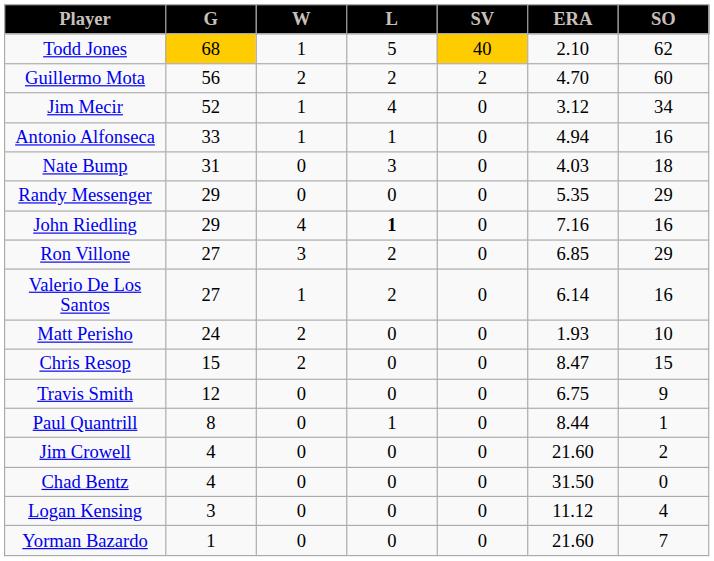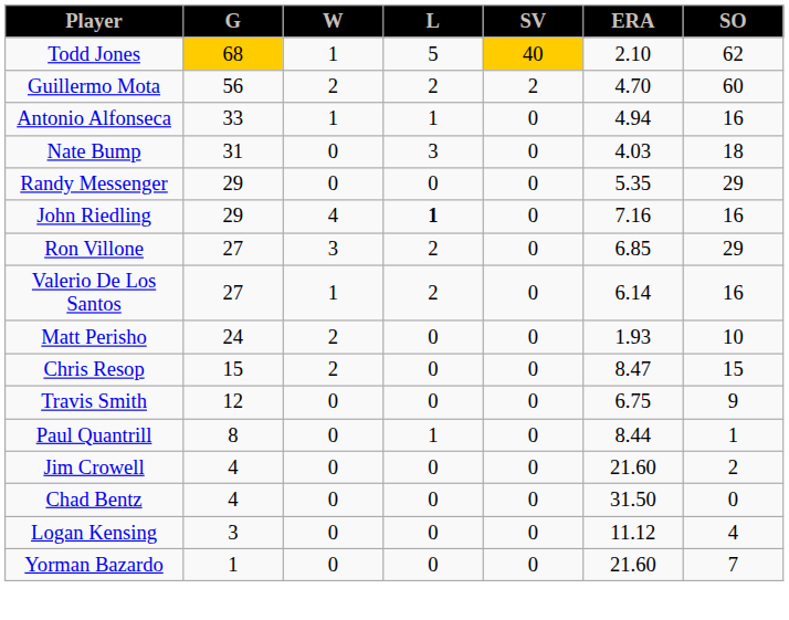 <table class="wikitable sortable">
 <tr>
 <th style=" background:#000000; color:#C9C0BB;" width="16%">Player</th>
 <th style=" background:#000000; color:#C9C0BB;" width="9%">G</th>
 <th style=" background:#000000; color:#C9C0BB;" width="9%">W</th>
 <th style=" background:#000000; color:#C9C0BB;" width="9%">L</th>
 <th style=" background:#000000; color:#C9C0BB;" width="9%">SV</th>
 <th style=" background:#000000; color:#C9C0BB;" width="9%">ERA</th>
 <th style=" background:#000000; color:#C9C0BB;" width="9%">SO</th>
 </tr>
 <tr align="center">
 <td><a href='#'>Todd Jones</a></td>
 <td bgcolor="#FFCC00">68</td>
 <td>1</td>
 <td>5</td>
 <td bgcolor="#FFCC00">40</td>
 <td>2.10</td>
 <td>62</td>
 </tr>
 <tr align=center>
 <td><a href='#'>Guillermo Mota</a></td>
 <td>56</td>
 <td>2</td>
 <td>2</td>
 <td>2</td>
 <td>4.70</td>
 <td>60</td>
-</tr>
-<tr align=center>
-<td><a href='#'>Jim Mecir</a></td>
-<td>52</td>
-<td>1</td>
-<td>4</td>
-<td>0</td>
-<td>3.12</td>
-<td>34</td>
 </tr>
 <tr align=center>
 <td><a href='#'>Antonio Alfonseca</a></td>
 <td>33</td>
 <td>1</td>
 <td>1</td>
 <td>0</td>
 <td>4.94</td>
 <td>16</td>
 </tr>
 <tr align=center>
 <td><a href='#'>Nate Bump</a></td>
 <td>31</td>
 <td>0</td>
 <td>3</td>
 <td>0</td>
 <td>4.03</td>
 <td>18</td>
 </tr>
 <tr align=center>
 <td><a href='#'>Randy Messenger</a></td>
 <td>29</td>
 <td>0</td>
 <td>0</td>
 <td>0</td>
 <td>5.35</td>
 <td>29</td>
 </tr>
 <tr align=center>
 <td><a href='#'>John Riedling</a></td>
 <td>29</td>
 <td>4</td>
 <td><strong>1</strong></td>
 <td>0</td>
 <td>7.16</td>
 <td>16</td>
 </tr>
 <tr align=center>
 <td><a href='#'>Ron Villone</a></td>
 <td>27</td>
 <td>3</td>
 <td>2</td>
 <td>0</td>
 <td>6.85</td>
 <td>29</td>
 </tr>
 <tr align=center>
 <td><a href='#'>Valerio De Los Santos</a></td>
 <td>27</td>
 <td>1</td>
 <td>2</td>
 <td>0</td>
 <td>6.14</td>
 <td>16</td>
 </tr>
 <tr align=center>
 <td><a href='#'>Matt Perisho</a></td>
 <td>24</td>
 <td>2</td>
 <td>0</td>
 <td>0</td>
 <td>1.93</td>
 <td>10</td>
 </tr>
 <tr align=center>
 <td><a href='#'>Chris Resop</a></td>
 <td>15</td>
 <td>2</td>
 <td>0</td>
 <td>0</td>
 <td>8.47</td>
 <td>15</td>
 </tr>
 <tr align=center>
 <td><a href='#'>Travis Smith</a></td>
 <td>12</td>
 <td>0</td>
 <td>0</td>
 <td>0</td>
 <td>6.75</td>
 <td>9</td>
 </tr>
 <tr align=center>
 <td><a href='#'>Paul Quantrill</a></td>
 <td>8</td>
 <td>0</td>
 <td>1</td>
 <td>0</td>
 <td>8.44</td>
 <td>1</td>
 </tr>
 <tr align=center>
 <td><a href='#'>Jim Crowell</a></td>
 <td>4</td>
 <td>0</td>
 <td>0</td>
 <td>0</td>
 <td>21.60</td>
 <td>2</td>
 </tr>
 <tr align=center>
 <td><a href='#'>Chad Bentz</a></td>
 <td>4</td>
 <td>0</td>
 <td>0</td>
 <td>0</td>
 <td>31.50</td>
 <td>0</td>
 </tr>
 <tr align=center>
 <td><a href='#'>Logan Kensing</a></td>
 <td>3</td>
 <td>0</td>
 <td>0</td>
 <td>0</td>
 <td>11.12</td>
 <td>4</td>
 </tr>
 <tr align=center>
 <td><a href='#'>Yorman Bazardo</a></td>
 <td>1</td>
 <td>0</td>
 <td>0</td>
 <td>0</td>
 <td>21.60</td>
 <td>7</td>
 </tr>
 </table>
